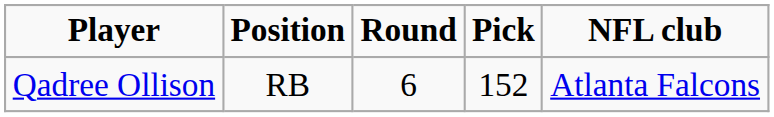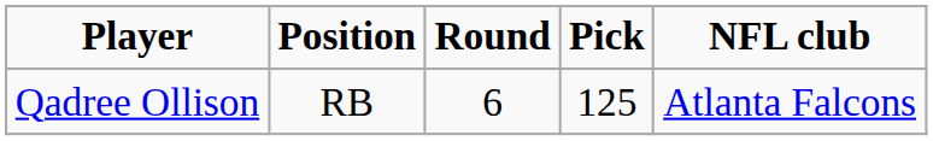 <table class="wikitable" style="text-align:center">
 <tr style="text-align:center; ">
 <td><strong>Player</strong></td>
 <td><strong>Position</strong></td>
 <td><strong>Round</strong></td>
 <td><strong>Pick</strong></td>
 <td><strong>NFL club</strong></td>
 </tr>
 <tr>
 <td><a href='#'>Qadree Ollison</a></td>
 <td>RB</td>
 <td>6</td>
-<td>152</td>
+<td>125</td>
 <td><a href='#'>Atlanta Falcons</a></td>
 </tr>
 </table>
